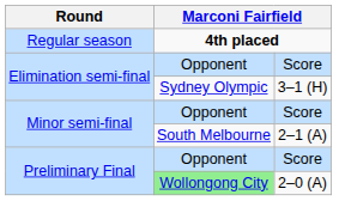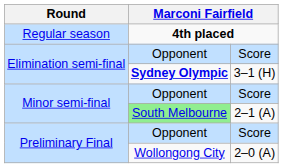 <table class="wikitable" style="text-align:center">
 <tr>
 <th>Round</th>
 <th colspan="4"><a href='#'>Marconi Fairfield</a></th>
 </tr>
 <tr>
 <td style="background:#c1e0ff"><a href='#'>Regular season</a></td>
 <td colspan="4" valign="top"><strong>4th placed</strong></td>
 </tr>
 <tr style="background:#c1e0ff">
 <td rowspan=2><a href='#'>Elimination semi-final</a></td>
 <td>Opponent</td>
 <td colspan="3">Score</td>
 </tr>
 <tr>
-<td><a href='#'>Sydney Olympic</a></td>
+<td><strong><a href='#'>Sydney Olympic</a></strong></td>
 <td colspan="3">3–1 (H)</td>
 </tr>
 <tr style="background:#c1e0ff">
 <td rowspan=2><a href='#'>Minor semi-final</a></td>
 <td>Opponent</td>
 <td colspan="3">Score</td>
 </tr>
 <tr>
-<td><a href='#'>South Melbourne</a></td>
+<td style="background: lightgreen;"><a href='#'>South Melbourne</a></td>
 <td colspan="3">2–1 (A)</td>
 </tr>
 <tr style="background:#c1e0ff">
 <td rowspan=2><a href='#'>Preliminary Final</a></td>
 <td>Opponent</td>
 <td colspan="3">Score</td>
 </tr>
 <tr>
-<td style="background: lightgreen;"><a href='#'>Wollongong City</a></td>
+<td><a href='#'>Wollongong City</a></td>
 <td colspan="3">2–0 (A)</td>
 </tr>
 </table>
